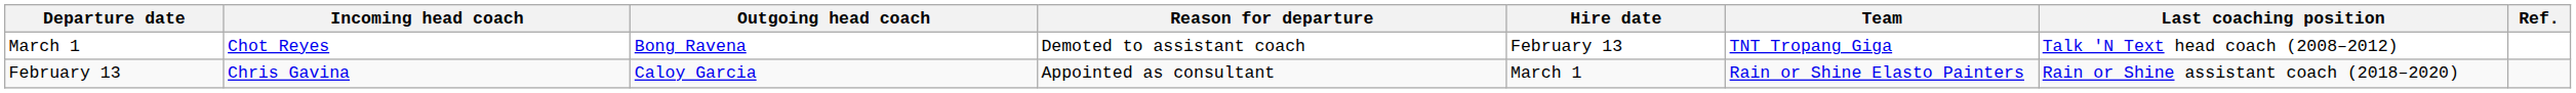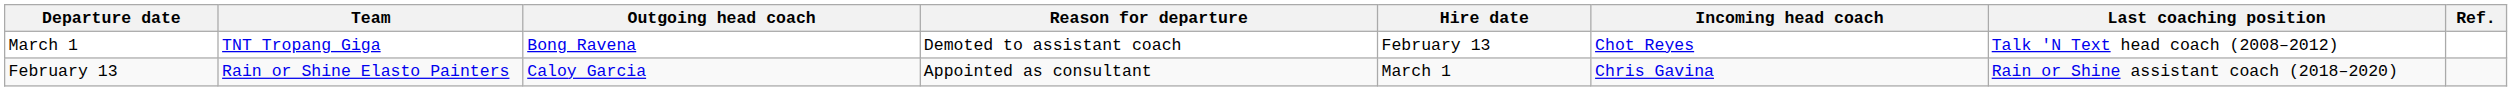 <table class="wikitable sortable">
 <tr>
 <th style="width:7%;">Departure date</th>
-<th style="width:13%;">Incoming head coach</th>
+<th style="width:10%;">Team</th>
 <th style="width:13%;">Outgoing head coach</th>
 <th style="width:15%;">Reason for departure</th>
 <th style="width:7%;">Hire date</th>
-<th style="width:10%;">Team</th>
+<th style="width:13%;">Incoming head coach</th>
 <th class="unsortable" style="width:15%;">Last coaching position</th>
 <th class="unsortable" style="width:2%;">Ref.</th>
 </tr>
 <tr style="background:#fff;">
 <td>March 1</td>
-<td><a href='#'>Chot Reyes</a></td>
+<td><a href='#'>TNT Tropang Giga</a></td>
 <td><a href='#'>Bong Ravena</a></td>
 <td>Demoted to assistant coach</td>
 <td>February 13</td>
-<td><a href='#'>TNT Tropang Giga</a></td>
+<td><a href='#'>Chot Reyes</a></td>
 <td><a href='#'>Talk 'N Text</a> head coach (2008–2012)</td>
 <td></td>
 </tr>
 <tr>
 <td>February 13</td>
-<td><a href='#'>Chris Gavina</a></td>
+<td><a href='#'>Rain or Shine Elasto Painters</a></td>
 <td><a href='#'>Caloy Garcia</a></td>
 <td>Appointed as consultant</td>
 <td>March 1</td>
-<td><a href='#'>Rain or Shine Elasto Painters</a></td>
+<td><a href='#'>Chris Gavina</a></td>
 <td><a href='#'>Rain or Shine</a> assistant coach (2018–2020)</td>
 <td></td>
 </tr>
 </table>
